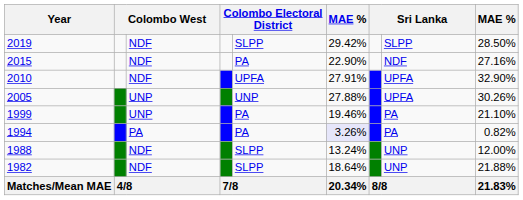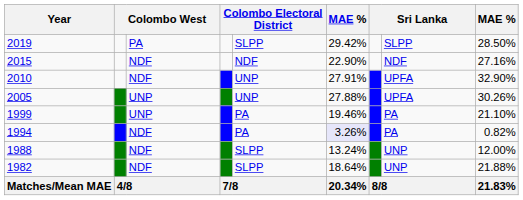 <table class="wikitable">
 <tr>
 <th>Year</th>
 <th colspan="2" width="144px">Colombo West</th>
 <th colspan="2" width="144px"><a href='#'>Colombo Electoral District</a></th>
 <th><a href='#'>MAE</a> %</th>
 <th colspan="2" width="144px">Sri Lanka</th>
 <th>MAE %</th>
 </tr>
 <tr>
 <td><a href='#'>2019</a></td>
 <td style="background-color:"></td>
-<td style="text-align:left;"><a href='#'>NDF</a></td>
+<td style="text-align:left;"><a href='#'>PA</a></td>
 <td style="background-color:"></td>
 <td style="text-align:left;"><a href='#'>SLPP</a></td>
 <td style="text-align:right;">29.42%</td>
 <td style="background-color:"></td>
 <td style="text-align:left;"><a href='#'>SLPP</a></td>
 <td style="text-align:right;">28.50%</td>
 </tr>
 <tr>
 <td><a href='#'>2015</a></td>
 <td style="background-color:"></td>
 <td style="text-align:left;"><a href='#'>NDF</a></td>
 <td style="background-color:"></td>
-<td style="text-align:left;"><a href='#'>PA</a></td>
+<td style="text-align:left;"><a href='#'>NDF</a></td>
 <td style="text-align:right;">22.90%</td>
 <td style="background-color:"></td>
 <td style="text-align:left;"><a href='#'>NDF</a></td>
 <td style="text-align:right;">27.16%</td>
 </tr>
 <tr>
 <td><a href='#'>2010</a></td>
 <td style="background-color:"></td>
 <td style="text-align:left;"><a href='#'>NDF</a></td>
 <td style="background-color:blue;" width="10px"></td>
-<td style="text-align:left;"><a href='#'>UPFA</a></td>
+<td style="text-align:left;"><a href='#'>UNP</a></td>
 <td style="text-align:right;">27.91%</td>
 <td style="background-color:blue;" width="10px"></td>
 <td style="text-align:left;"><a href='#'>UPFA</a></td>
 <td style="text-align:right;">32.90%</td>
 </tr>
 <tr>
 <td><a href='#'>2005</a></td>
 <td style="background-color:green;" width="10px"></td>
 <td style="text-align:left;"><a href='#'>UNP</a></td>
 <td style="background-color:green;" width="10px"></td>
 <td style="text-align:left;"><a href='#'>UNP</a></td>
 <td style="text-align:right;">27.88%</td>
 <td style="background-color:blue;" width="10px"></td>
 <td style="text-align:left;"><a href='#'>UPFA</a></td>
 <td style="text-align:right;">30.26%</td>
 </tr>
 <tr>
 <td><a href='#'>1999</a></td>
 <td style="background-color:green;" width="10px"></td>
 <td style="text-align:left;"><a href='#'>UNP</a></td>
 <td style="background-color:blue;" width="10px"></td>
 <td style="text-align:left;"><a href='#'>PA</a></td>
 <td style="text-align:right;">19.46%</td>
 <td style="background-color:blue;" width="10px"></td>
 <td style="text-align:left;"><a href='#'>PA</a></td>
 <td style="text-align:right;">21.10%</td>
 </tr>
 <tr>
 <td><a href='#'>1994</a></td>
 <td style="background-color:blue;" width="10px"></td>
-<td style="text-align:left;"><a href='#'>PA</a></td>
+<td style="text-align:left;"><a href='#'>NDF</a></td>
 <td style="background-color:blue;" width="10px"></td>
 <td style="text-align:left;"><a href='#'>PA</a></td>
 <td style="background: lavender; text-align:right;">3.26%</td>
 <td style="background-color:blue;" width="10px"></td>
 <td style="text-align:left;"><a href='#'>PA</a></td>
 <td style="text-align:right;">0.82%</td>
 </tr>
 <tr>
 <td><a href='#'>1988</a></td>
 <td style="background-color:green;" width="10px"></td>
 <td style="text-align:left;"><a href='#'>NDF</a></td>
 <td style="background-color:green;" width="10px"></td>
 <td style="text-align:left;"><a href='#'>SLPP</a></td>
 <td style="text-align:right;">13.24%</td>
 <td style="background-color:green;" width="10px"></td>
 <td style="text-align:left;"><a href='#'>UNP</a></td>
 <td style="text-align:right;">12.00%</td>
 </tr>
 <tr>
 <td><a href='#'>1982</a></td>
 <td style="background-color:green;" width="10px"></td>
 <td style="text-align:left;"><a href='#'>NDF</a></td>
 <td style="background-color:green;" width="10px"></td>
 <td style="text-align:left;"><a href='#'>SLPP</a></td>
 <td style="text-align:right;">18.64%</td>
 <td style="background-color:green;" width="10px"></td>
 <td style="text-align:left;"><a href='#'>UNP</a></td>
 <td style="text-align:right;">21.88%</td>
 </tr>
 <tr>
 <th>Matches/Mean MAE</th>
 <th style="text-align:left;"colspan="2" width="144px">4/8</th>
 <th style="text-align:left;"colspan="2" width="144px">7/8</th>
 <th style="text-align:right;">20.34%</th>
 <th style="text-align:left;"colspan="2" width="144px">8/8</th>
 <th style="text-align:right;">21.83%</th>
 </tr>
 </table>
